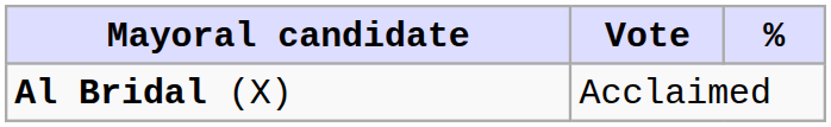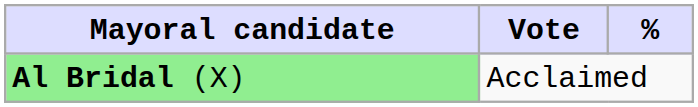 <table class="wikitable">
 <tr>
 <th style="background:#ddf; width:200px;">Mayoral candidate</th>
 <th style="background:#ddf; width:50px;">Vote</th>
 <th style="background:#ddf; width:30px;">%</th>
 </tr>
 <tr>
-<td><strong>Al Bridal</strong> (X)</td>
+<td style="background: lightgreen;"><strong>Al Bridal</strong> (X)</td>
 <td colspan="2">Acclaimed</td>
 </tr>
 </table>
